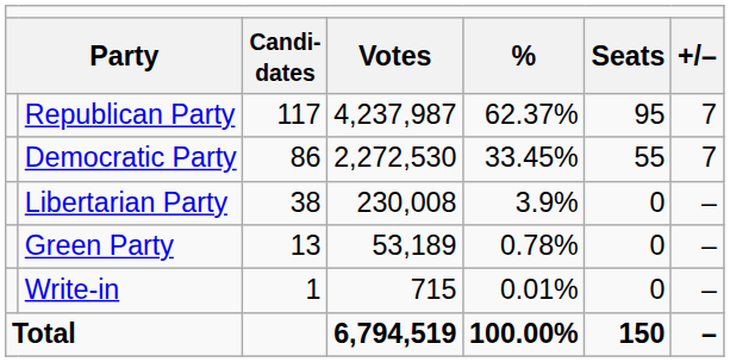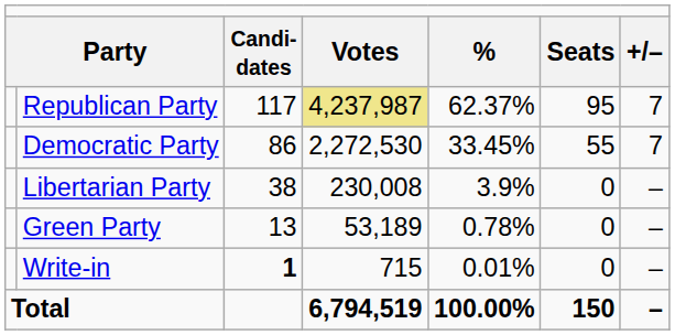 <table class="wikitable" style="font-size:100%; text-align:right;">
 <tr>
 <td colspan="15" align="center"></td>
 </tr>
 <tr>
 <th colspan="2">Party</th>
 <th><small>Candi-<br>dates</small></th>
 <th>Votes</th>
 <th>%</th>
 <th>Seats</th>
 <th>+/–</th>
 </tr>
 <tr>
 <td style="background:"></td>
 <td align="left"><a href='#'>Republican Party</a></td>
 <td>117</td>
-<td>4,237,987</td>
+<td style="background: khaki;">4,237,987</td>
 <td>62.37%</td>
 <td>95</td>
 <td>7</td>
 </tr>
 <tr>
 <td style="background:"></td>
 <td align="left"><a href='#'>Democratic Party</a></td>
 <td>86</td>
 <td>2,272,530</td>
 <td>33.45%</td>
 <td>55</td>
 <td>7</td>
 </tr>
 <tr>
 <td style="background:"></td>
 <td align="left"><a href='#'>Libertarian Party</a></td>
 <td>38</td>
 <td>230,008</td>
 <td>3.9%</td>
 <td>0</td>
 <td>–</td>
 </tr>
 <tr>
 <td style="background:"></td>
 <td align="left"><a href='#'>Green Party</a></td>
 <td>13</td>
 <td>53,189</td>
 <td>0.78%</td>
 <td>0</td>
 <td>–</td>
 </tr>
 <tr>
 <td style="background:"></td>
 <td align="left"><a href='#'>Write-in</a></td>
-<td>1</td>
+<td><strong>1</strong></td>
 <td>715</td>
 <td>0.01%</td>
 <td>0</td>
 <td>–</td>
 </tr>
 <tr style="font-weight:bold">
 <td colspan="2" align="left">Total</td>
 <td></td>
 <td>6,794,519</td>
 <td>100.00%</td>
 <td>150</td>
 <td>–</td>
 </tr>
 </table>
